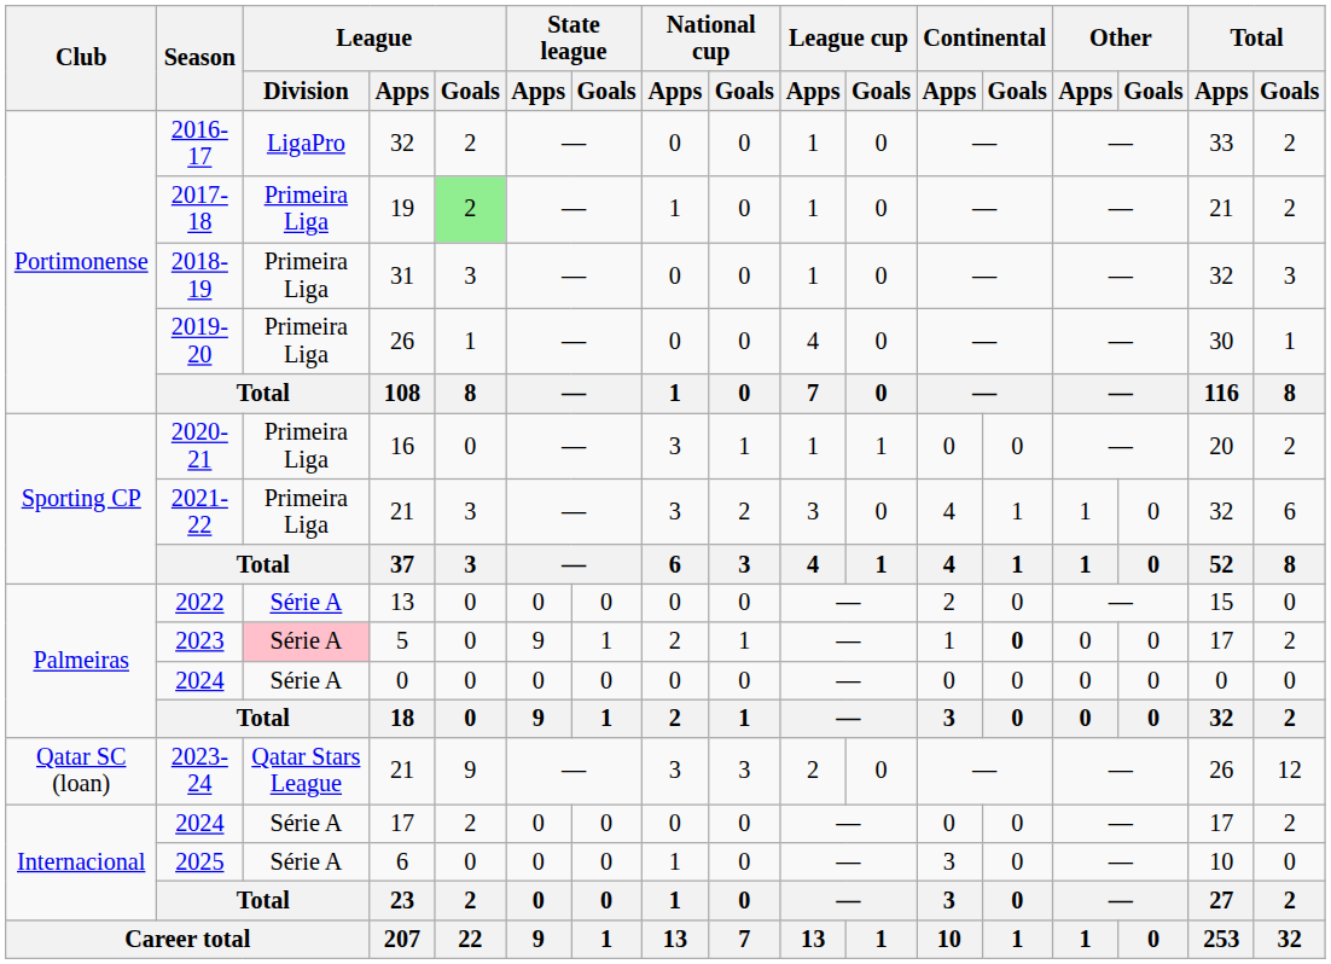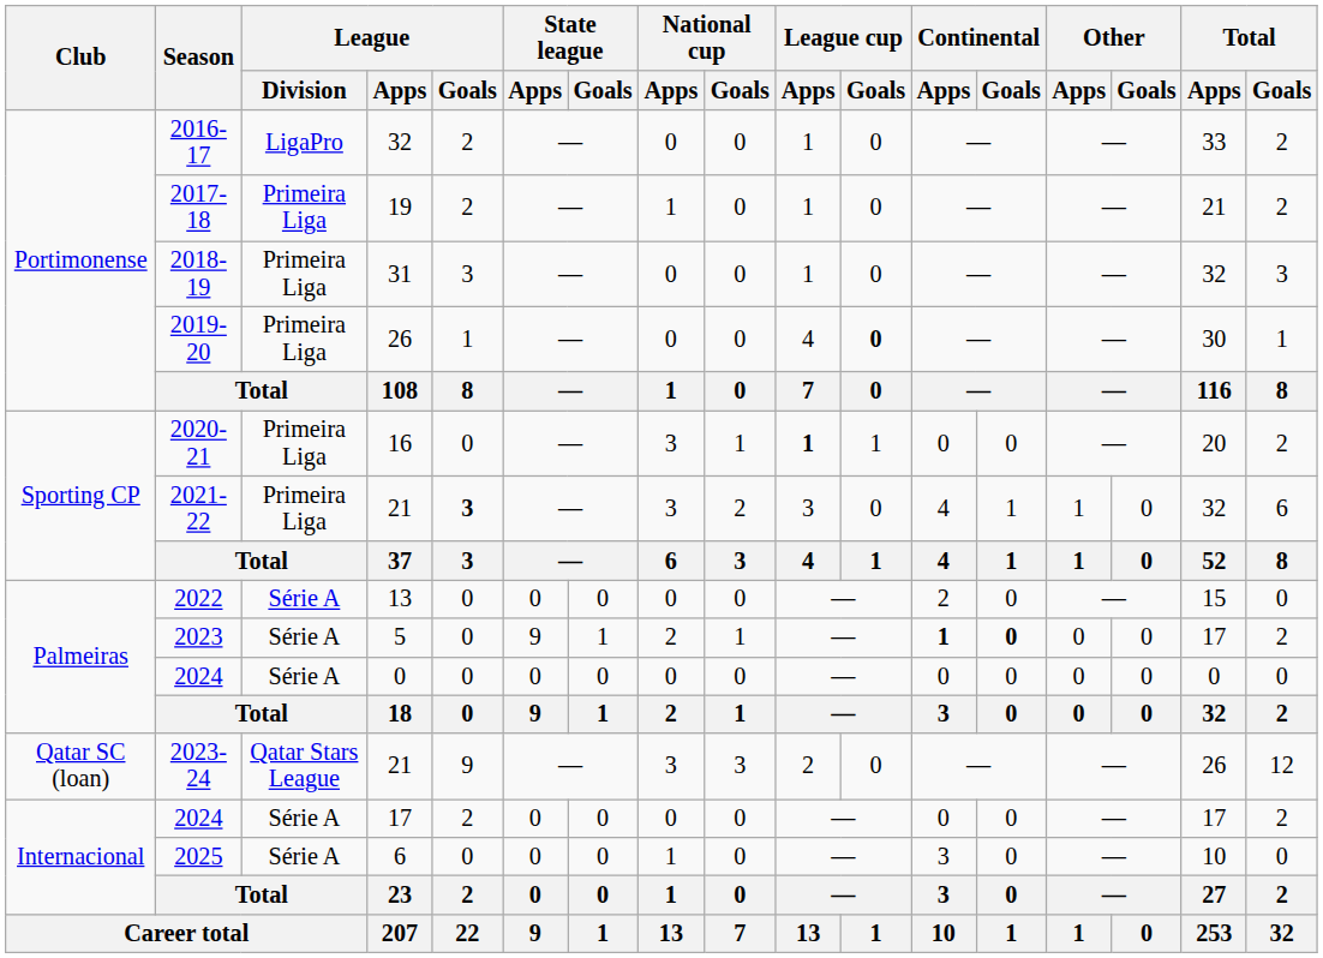 <table class="wikitable" style="text-align: center">
 <tr>
 <th rowspan="2">Club</th>
 <th rowspan="2">Season</th>
 <th colspan="3">League</th>
 <th colspan="2">State league</th>
 <th colspan="2">National cup</th>
 <th colspan="2">League cup</th>
 <th colspan="2">Continental</th>
 <th colspan="2">Other</th>
 <th colspan="2">Total</th>
 </tr>
 <tr>
 <th>Division</th>
 <th>Apps</th>
 <th>Goals</th>
 <th>Apps</th>
 <th>Goals</th>
 <th>Apps</th>
 <th>Goals</th>
 <th>Apps</th>
 <th>Goals</th>
 <th>Apps</th>
 <th>Goals</th>
 <th>Apps</th>
 <th>Goals</th>
 <th>Apps</th>
 <th>Goals</th>
 </tr>
 <tr>
 <td rowspan="5"><a href='#'>Portimonense</a></td>
 <td><a href='#'>2016-17</a></td>
 <td><a href='#'>LigaPro</a></td>
 <td>32</td>
 <td>2</td>
 <td colspan="2">—</td>
 <td>0</td>
 <td>0</td>
 <td>1</td>
 <td>0</td>
 <td colspan="2">—</td>
 <td colspan="2">—</td>
 <td>33</td>
 <td>2</td>
 </tr>
 <tr>
 <td><a href='#'>2017-18</a></td>
 <td><a href='#'>Primeira Liga</a></td>
 <td>19</td>
-<td style="background: lightgreen;">2</td>
+<td>2</td>
 <td colspan="2">—</td>
 <td>1</td>
 <td>0</td>
 <td>1</td>
 <td>0</td>
 <td colspan="2">—</td>
 <td colspan="2">—</td>
 <td>21</td>
 <td>2</td>
 </tr>
 <tr>
 <td><a href='#'>2018-19</a></td>
 <td>Primeira Liga</td>
 <td>31</td>
 <td>3</td>
 <td colspan="2">—</td>
 <td>0</td>
 <td>0</td>
 <td>1</td>
 <td>0</td>
 <td colspan="2">—</td>
 <td colspan="2">—</td>
 <td>32</td>
 <td>3</td>
 </tr>
 <tr>
 <td><a href='#'>2019-20</a></td>
 <td>Primeira Liga</td>
 <td>26</td>
 <td>1</td>
 <td colspan="2">—</td>
 <td>0</td>
 <td>0</td>
 <td>4</td>
-<td>0</td>
+<td><strong>0</strong></td>
 <td colspan="2">—</td>
 <td colspan="2">—</td>
 <td>30</td>
 <td>1</td>
 </tr>
 <tr>
 <th colspan="2">Total</th>
 <th>108</th>
 <th>8</th>
 <th colspan="2">—</th>
 <th>1</th>
 <th>0</th>
 <th>7</th>
 <th>0</th>
 <th colspan="2">—</th>
 <th colspan="2">—</th>
 <th>116</th>
 <th>8</th>
 </tr>
 <tr>
 <td rowspan="3"><a href='#'>Sporting CP</a></td>
 <td><a href='#'>2020-21</a></td>
 <td>Primeira Liga</td>
 <td>16</td>
 <td>0</td>
 <td colspan="2">—</td>
 <td>3</td>
 <td>1</td>
-<td>1</td>
+<td><strong>1</strong></td>
 <td>1</td>
 <td>0</td>
 <td>0</td>
 <td colspan="2">—</td>
 <td>20</td>
 <td>2</td>
 </tr>
 <tr>
 <td><a href='#'>2021-22</a></td>
 <td>Primeira Liga</td>
 <td>21</td>
-<td>3</td>
+<td><strong>3</strong></td>
 <td colspan="2">—</td>
 <td>3</td>
 <td>2</td>
 <td>3</td>
 <td>0</td>
 <td>4</td>
 <td>1</td>
 <td>1</td>
 <td>0</td>
 <td>32</td>
 <td>6</td>
 </tr>
 <tr>
 <th colspan="2">Total</th>
 <th>37</th>
 <th>3</th>
 <th colspan="2">—</th>
 <th>6</th>
 <th>3</th>
 <th>4</th>
 <th>1</th>
 <th>4</th>
 <th>1</th>
 <th>1</th>
 <th>0</th>
 <th>52</th>
 <th>8</th>
 </tr>
 <tr>
 <td rowspan="4"><a href='#'>Palmeiras</a></td>
 <td><a href='#'>2022</a></td>
 <td><a href='#'>Série A</a></td>
 <td>13</td>
 <td>0</td>
 <td>0</td>
 <td>0</td>
 <td>0</td>
 <td>0</td>
 <td colspan="2">—</td>
 <td>2</td>
 <td>0</td>
 <td colspan="2">—</td>
 <td>15</td>
 <td>0</td>
 </tr>
 <tr>
 <td><a href='#'>2023</a></td>
-<td style="background: pink;">Série A</td>
+<td>Série A</td>
 <td>5</td>
 <td>0</td>
 <td>9</td>
 <td>1</td>
 <td>2</td>
 <td>1</td>
 <td colspan="2">—</td>
-<td>1</td>
+<td><strong>1</strong></td>
 <td><strong>0</strong></td>
 <td>0</td>
 <td>0</td>
 <td>17</td>
 <td>2</td>
 </tr>
 <tr>
 <td><a href='#'>2024</a></td>
 <td>Série A</td>
 <td>0</td>
 <td>0</td>
 <td>0</td>
 <td>0</td>
 <td>0</td>
 <td>0</td>
 <td colspan="2">—</td>
 <td>0</td>
 <td>0</td>
 <td>0</td>
 <td>0</td>
 <td>0</td>
 <td>0</td>
 </tr>
 <tr>
 <th colspan="2">Total</th>
 <th>18</th>
 <th>0</th>
 <th>9</th>
 <th>1</th>
 <th>2</th>
 <th>1</th>
 <th colspan="2">—</th>
 <th>3</th>
 <th>0</th>
 <th>0</th>
 <th>0</th>
 <th>32</th>
 <th>2</th>
 </tr>
 <tr>
 <td><a href='#'>Qatar SC</a> (loan)</td>
 <td><a href='#'>2023-24</a></td>
 <td><a href='#'>Qatar Stars League</a></td>
 <td>21</td>
 <td>9</td>
 <td colspan="2">—</td>
 <td>3</td>
 <td>3</td>
 <td>2</td>
 <td>0</td>
 <td colspan="2">—</td>
 <td colspan="2">—</td>
 <td>26</td>
 <td>12</td>
 </tr>
 <tr>
 <td rowspan="3"><a href='#'>Internacional</a></td>
 <td><a href='#'>2024</a></td>
 <td>Série A</td>
 <td>17</td>
 <td>2</td>
 <td>0</td>
 <td>0</td>
 <td>0</td>
 <td>0</td>
 <td colspan="2">—</td>
 <td>0</td>
 <td>0</td>
 <td colspan="2">—</td>
 <td>17</td>
 <td>2</td>
 </tr>
 <tr>
 <td><a href='#'>2025</a></td>
 <td>Série A</td>
 <td>6</td>
 <td>0</td>
 <td>0</td>
 <td>0</td>
 <td>1</td>
 <td>0</td>
 <td colspan="2">—</td>
 <td>3</td>
 <td>0</td>
 <td colspan="2">—</td>
 <td>10</td>
 <td>0</td>
 </tr>
 <tr>
 <th colspan="2">Total</th>
 <th>23</th>
 <th>2</th>
 <th>0</th>
 <th>0</th>
 <th>1</th>
 <th>0</th>
 <th colspan="2">—</th>
 <th>3</th>
 <th>0</th>
 <th colspan="2">—</th>
 <th>27</th>
 <th>2</th>
 </tr>
 <tr>
 <th colspan="3">Career total</th>
 <th>207</th>
 <th>22</th>
 <th>9</th>
 <th>1</th>
 <th>13</th>
 <th>7</th>
 <th>13</th>
 <th>1</th>
 <th>10</th>
 <th>1</th>
 <th>1</th>
 <th>0</th>
 <th>253</th>
 <th>32</th>
 </tr>
 </table>
